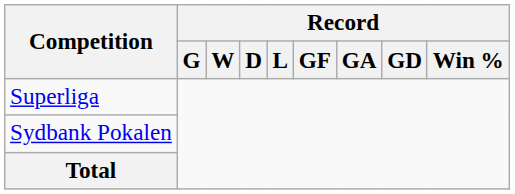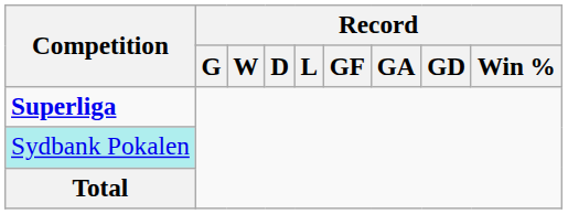 <table class="wikitable" style="text-align: center">
 <tr>
 <th rowspan="2">Competition</th>
 <th colspan="9">Record</th>
 </tr>
 <tr>
 <th>G</th>
 <th>W</th>
 <th>D</th>
 <th>L</th>
 <th>GF</th>
 <th>GA</th>
 <th>GD</th>
 <th>Win %</th>
 </tr>
 <tr>
-<td style="text-align: left"><a href='#'>Superliga</a><br></td>
+<td style="text-align: left"><strong><a href='#'>Superliga</a><br></strong></td>
 </tr>
 <tr>
-<td style="text-align: left"><a href='#'>Sydbank Pokalen</a><br></td>
+<td style="background: paleturquoise; text-align: left"><a href='#'>Sydbank Pokalen</a><br></td>
 </tr>
 <tr>
 <th>Total<br></th>
 </tr>
 </table>
